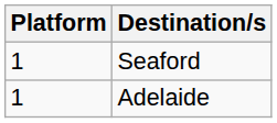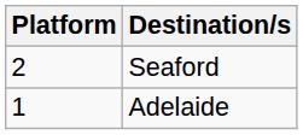 <table class="wikitable">
 <tr>
 <th>Platform</th>
 <th>Destination/s</th>
 </tr>
 <tr>
-<td style="background:#"><span>1</span></td>
+<td style="background:#"><span>2</span></td>
 <td>Seaford</td>
 </tr>
 <tr>
 <td style="background:#"><span>1</span></td>
 <td>Adelaide</td>
 </tr>
 </table>
